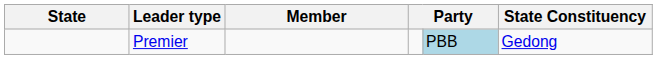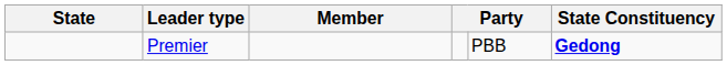 <table class ="wikitable sortable">
 <tr>
 <th style="width:120px;">State</th>
 <th style="width:90px;">Leader type</th>
 <th style="width:180px;">Member</th>
 <th style="width:84px;" colspan=2>Party</th>
 <th style="width:150px;">State Constituency</th>
 </tr>
 <tr>
 <td></td>
 <td><a href='#'>Premier</a></td>
 <td></td>
 <td></td>
-<td style="background: lightblue;">PBB</td>
-<td><a href='#'>Gedong</a></td>
+<td>PBB</td>
+<td><strong><a href='#'>Gedong</a></strong></td>
 </tr>
 </table>
